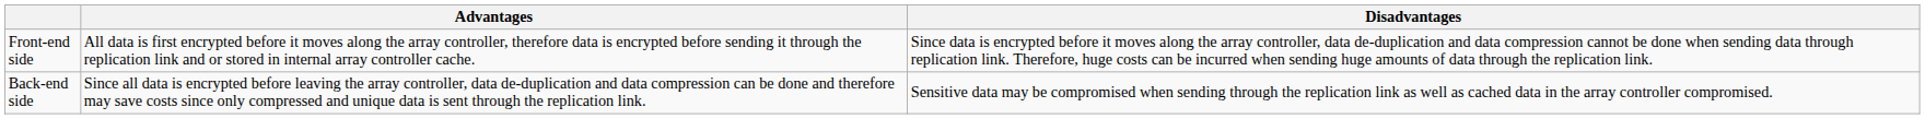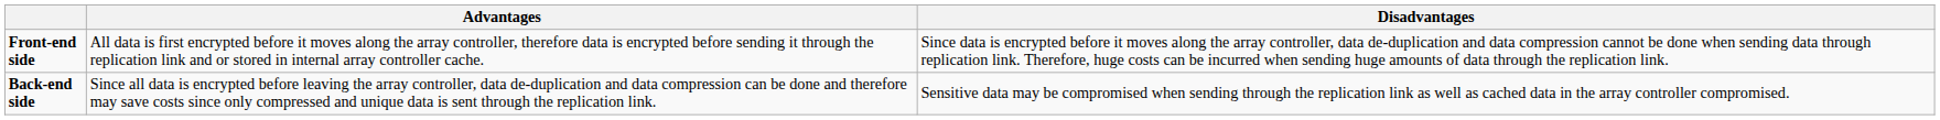 <table class="wikitable">
 <tr>
 <th></th>
 <th>Advantages</th>
 <th>Disadvantages</th>
 </tr>
 <tr>
-<td>Front-end side</td>
+<td><strong>Front-end side</strong></td>
 <td>All data is first encrypted before it moves along the array controller, therefore data is encrypted before sending it through the replication link and or stored in internal array controller cache.</td>
 <td>Since data is encrypted before it moves along the array controller, data de-duplication and data compression cannot be done when sending data through replication link. Therefore, huge costs can be incurred when sending huge amounts of data through the replication link.</td>
 </tr>
 <tr>
-<td>Back-end side</td>
+<td><strong>Back-end side</strong></td>
 <td>Since all data is encrypted before leaving the array controller, data de-duplication and data compression can be done and therefore may save costs since only compressed and unique data is sent through the replication link.</td>
 <td>Sensitive data may be compromised when sending through the replication link as well as cached data in the array controller compromised.</td>
 </tr>
 </table>
